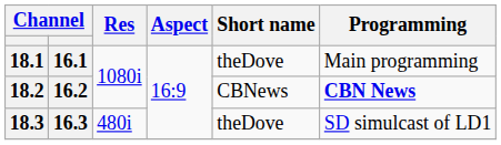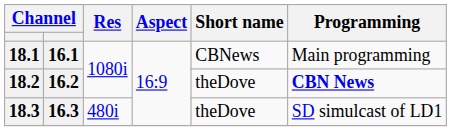 <table class="wikitable">
 <tr>
 <th colspan="2"><a href='#'>Channel</a></th>
 <th rowspan="2"><a href='#'>Res</a></th>
 <th rowspan="2"><a href='#'>Aspect</a></th>
 <th rowspan="2">Short name</th>
 <th rowspan="2">Programming</th>
 </tr>
 <tr>
 <th scope = "col"></th>
 <th></th>
 </tr>
 <tr>
 <th scope = "row">18.1</th>
 <th>16.1</th>
 <td rowspan="2"><a href='#'>1080i</a></td>
 <td rowspan="3"><a href='#'>16:9</a></td>
-<td>theDove</td>
+<td>CBNews</td>
 <td>Main programming</td>
 </tr>
 <tr>
 <th scope = "row">18.2</th>
 <th>16.2</th>
-<td>CBNews</td>
+<td>theDove</td>
 <td><strong><a href='#'>CBN News</a></strong></td>
 </tr>
 <tr>
 <th scope = "row">18.3</th>
 <th>16.3</th>
 <td><a href='#'>480i</a></td>
 <td>theDove</td>
 <td><a href='#'>SD</a> simulcast of LD1</td>
 </tr>
 <tr>
 </tr>
 </table>
